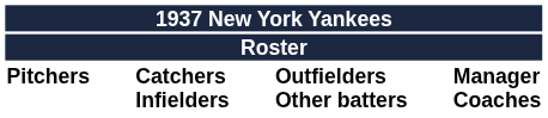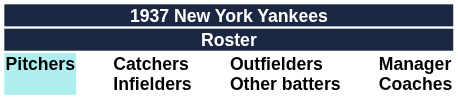 <table class="toccolours" style="font-size: 95%;">
 <tr>
 <th colspan="10" style="background-color: #1c2841; color: white; text-align: center;">1937 New York Yankees</th>
 </tr>
 <tr>
 <td colspan="10" style="background-color: #1c2841; color: white; text-align: center;"><strong>Roster</strong></td>
 </tr>
 <tr>
-<td valign="top"><strong>Pitchers</strong><br>           </td>
+<td valign="top" style="background: paleturquoise;"><strong>Pitchers</strong><br>           </td>
 <td width="25px"></td>
 <td valign="top"><strong>Catchers</strong><br>   <strong>Infielders</strong>      </td>
 <td width="25px"></td>
 <td valign="top"><strong>Outfielders</strong><br>      <strong>Other batters</strong> </td>
 <td width="25px"></td>
 <td valign="top"><strong>Manager</strong><br> <strong>Coaches</strong>   </td>
 </tr>
 </table>
